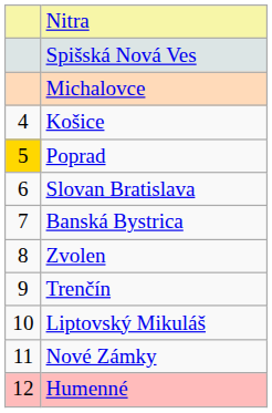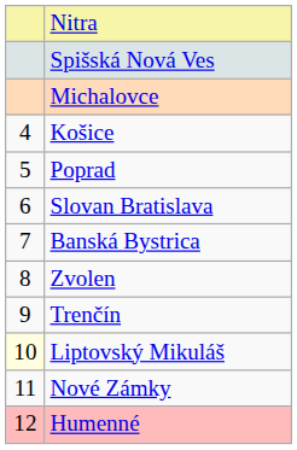 <table class="wikitable" style="width:200px;">
 <tr style="background:#F7F6A8;">
 <td align=center style="width:20px;"></td>
 <td><a href='#'>Nitra</a></td>
 </tr>
 <tr style="background:#DCE5E5;">
 <td align=center></td>
 <td><a href='#'>Spišská Nová Ves</a></td>
 </tr>
 <tr style="background:#FFDAB9;">
 <td align=center></td>
 <td><a href='#'>Michalovce</a></td>
 </tr>
 <tr>
 <td align=center>4</td>
 <td><a href='#'>Košice</a></td>
 </tr>
 <tr>
-<td align=center style="background: gold;">5</td>
+<td align=center>5</td>
 <td><a href='#'>Poprad</a></td>
 </tr>
 <tr>
 <td align=center>6</td>
 <td><a href='#'>Slovan Bratislava</a></td>
 </tr>
 <tr>
 <td align=center>7</td>
 <td><a href='#'>Banská Bystrica</a></td>
 </tr>
 <tr>
 <td align=center>8</td>
 <td><a href='#'>Zvolen</a></td>
 </tr>
 <tr>
 <td align=center>9</td>
 <td><a href='#'>Trenčín</a></td>
 </tr>
 <tr>
-<td align=center>10</td>
+<td align=center style="background: lightyellow;">10</td>
 <td><a href='#'>Liptovský Mikuláš</a></td>
 </tr>
 <tr>
 <td align=center>11</td>
 <td><a href='#'>Nové Zámky</a></td>
 </tr>
 <tr style="background:#ffbbbb;">
 <td align=center>12</td>
 <td><a href='#'>Humenné</a></td>
 </tr>
 </table>
